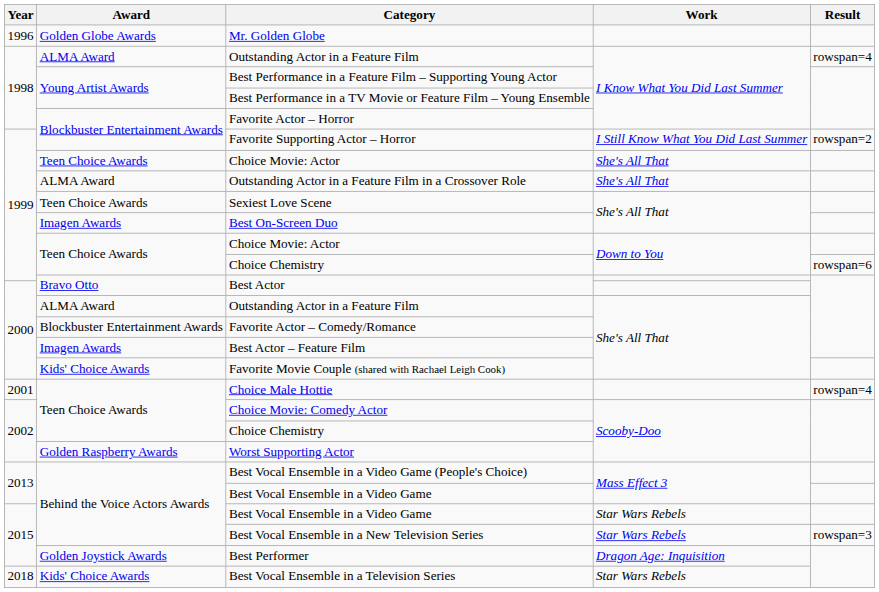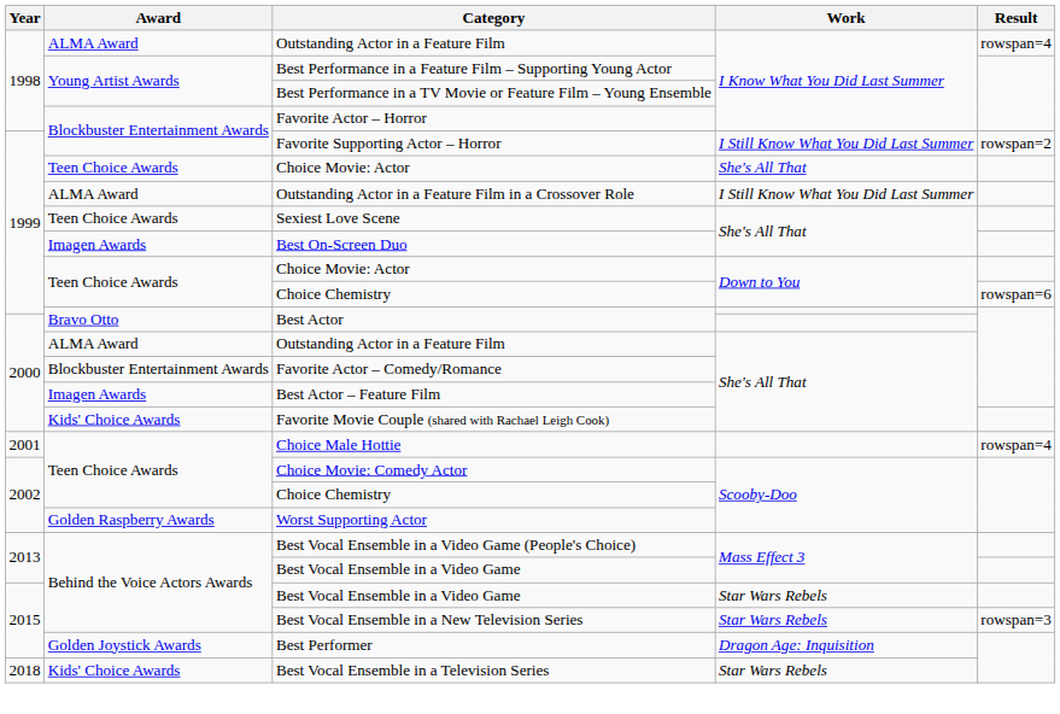 <table class="wikitable sortable">
 <tr>
 <th>Year</th>
 <th>Award</th>
 <th>Category</th>
 <th>Work</th>
 <th>Result</th>
-</tr>
-<tr>
-<td>1996</td>
-<td><a href='#'>Golden Globe Awards</a></td>
-<td><a href='#'>Mr. Golden Globe</a> </td>
-<td></td>
-<td></td>
 </tr>
 <tr>
 <td rowspan=4>1998</td>
 <td><a href='#'>ALMA Award</a></td>
 <td>Outstanding Actor in a Feature Film</td>
 <td rowspan=4><em><a href='#'>I Know What You Did Last Summer</a></em></td>
 <td>rowspan=4 </td>
 </tr>
 <tr>
 <td rowspan=2><a href='#'>Young Artist Awards</a></td>
 <td>Best Performance in a Feature Film – Supporting Young Actor</td>
 </tr>
 <tr>
 <td>Best Performance in a TV Movie or Feature Film – Young Ensemble </td>
 </tr>
 <tr>
 <td rowspan=2><a href='#'>Blockbuster Entertainment Awards</a></td>
 <td>Favorite Actor – Horror</td>
 </tr>
 <tr>
 <td rowspan=8>1999</td>
 <td>Favorite Supporting Actor – Horror</td>
 <td><em><a href='#'>I Still Know What You Did Last Summer</a></em></td>
 <td>rowspan=2 </td>
 </tr>
 <tr>
 <td><a href='#'>Teen Choice Awards</a></td>
 <td>Choice Movie: Actor</td>
 <td><em><a href='#'>She's All That</a></em></td>
 </tr>
 <tr>
 <td>ALMA Award</td>
 <td>Outstanding Actor in a Feature Film in a Crossover Role</td>
-<td><em><a href='#'>She's All That</a></em></td>
+<td><em>I Still Know What You Did Last Summer</em></td>
 <td></td>
 </tr>
 <tr>
 <td>Teen Choice Awards</td>
 <td>Sexiest Love Scene </td>
 <td rowspan=2><em>She's All That</em></td>
 <td></td>
 </tr>
 <tr>
 <td><a href='#'>Imagen Awards</a></td>
 <td><a href='#'>Best On-Screen Duo</a> </td>
 <td></td>
 </tr>
 <tr>
 <td rowspan=2>Teen Choice Awards</td>
 <td>Choice Movie: Actor</td>
 <td rowspan=2><em><a href='#'>Down to You</a></em></td>
 <td></td>
 </tr>
 <tr>
 <td>Choice Chemistry </td>
 <td>rowspan=6 </td>
 </tr>
 <tr>
 <td rowspan=2><a href='#'>Bravo Otto</a></td>
 <td rowspan=2>Best Actor</td>
 <td></td>
 </tr>
 <tr>
 <td rowspan=5>2000</td>
 <td></td>
 </tr>
 <tr>
 <td>ALMA Award</td>
 <td>Outstanding Actor in a Feature Film</td>
 <td rowspan=4><em>She's All That</em></td>
 </tr>
 <tr>
 <td>Blockbuster Entertainment Awards</td>
 <td>Favorite Actor – Comedy/Romance</td>
 </tr>
 <tr>
 <td><a href='#'>Imagen Awards</a></td>
 <td>Best Actor – Feature Film</td>
 </tr>
 <tr>
 <td><a href='#'>Kids' Choice Awards</a></td>
 <td>Favorite Movie Couple <small>(shared with Rachael Leigh Cook)</small></td>
 <td></td>
 </tr>
 <tr>
 <td>2001</td>
 <td rowspan=3>Teen Choice Awards</td>
 <td><a href='#'>Choice Male Hottie</a></td>
 <td></td>
 <td>rowspan=4 </td>
 </tr>
 <tr>
 <td rowspan=3>2002</td>
 <td><a href='#'>Choice Movie: Comedy Actor</a></td>
 <td rowspan=3><em><a href='#'>Scooby-Doo</a></em></td>
 </tr>
 <tr>
 <td>Choice Chemistry </td>
 </tr>
 <tr>
 <td><a href='#'>Golden Raspberry Awards</a></td>
 <td><a href='#'>Worst Supporting Actor</a></td>
 </tr>
 <tr>
 <td rowspan=2>2013</td>
 <td rowspan=4>Behind the Voice Actors Awards</td>
 <td>Best Vocal Ensemble in a Video Game (People's Choice) </td>
 <td rowspan=2><em><a href='#'>Mass Effect 3</a></em></td>
 <td></td>
 </tr>
 <tr>
 <td>Best Vocal Ensemble in a Video Game </td>
 <td></td>
 </tr>
 <tr>
 <td rowspan=3>2015</td>
 <td>Best Vocal Ensemble in a Video Game </td>
 <td><em>Star Wars Rebels</em></td>
 <td></td>
 </tr>
 <tr>
 <td>Best Vocal Ensemble in a New Television Series </td>
 <td><em><a href='#'>Star Wars Rebels</a></em></td>
 <td>rowspan=3 </td>
 </tr>
 <tr>
 <td><a href='#'>Golden Joystick Awards</a></td>
 <td>Best Performer</td>
 <td><em><a href='#'>Dragon Age: Inquisition</a></em></td>
 </tr>
 <tr>
 <td>2018</td>
 <td><a href='#'>Kids' Choice Awards</a></td>
 <td>Best Vocal Ensemble in a Television Series </td>
 <td><em>Star Wars Rebels</em></td>
 </tr>
 </table>
